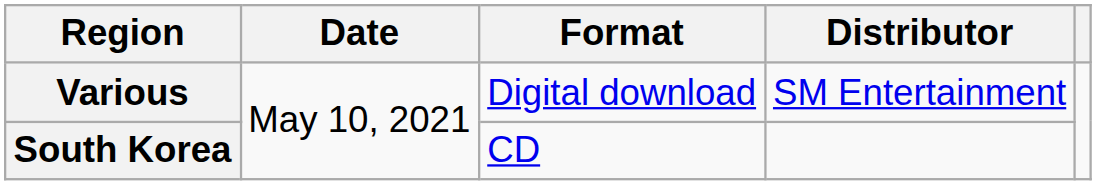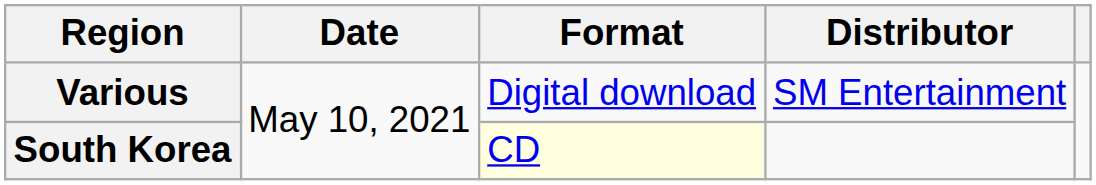 <table class="wikitable plainrowheaders">
 <tr>
 <th>Region</th>
 <th>Date</th>
 <th>Format</th>
 <th>Distributor</th>
 <th></th>
 </tr>
 <tr>
 <th scope="row">Various</th>
 <td rowspan="3">May 10, 2021</td>
 <td rowspan="2"><a href='#'>Digital download</a></td>
 <td rowspan="2"><a href='#'>SM Entertainment</a></td>
 <td rowspan="3"></td>
 </tr>
 <tr>
 <th scope="row" rowspan="2">South Korea</th>
 </tr>
 <tr>
-<td><a href='#'>CD</a></td>
+<td style="background: lightyellow;"><a href='#'>CD</a></td>
 <td></td>
 </tr>
 </table>
